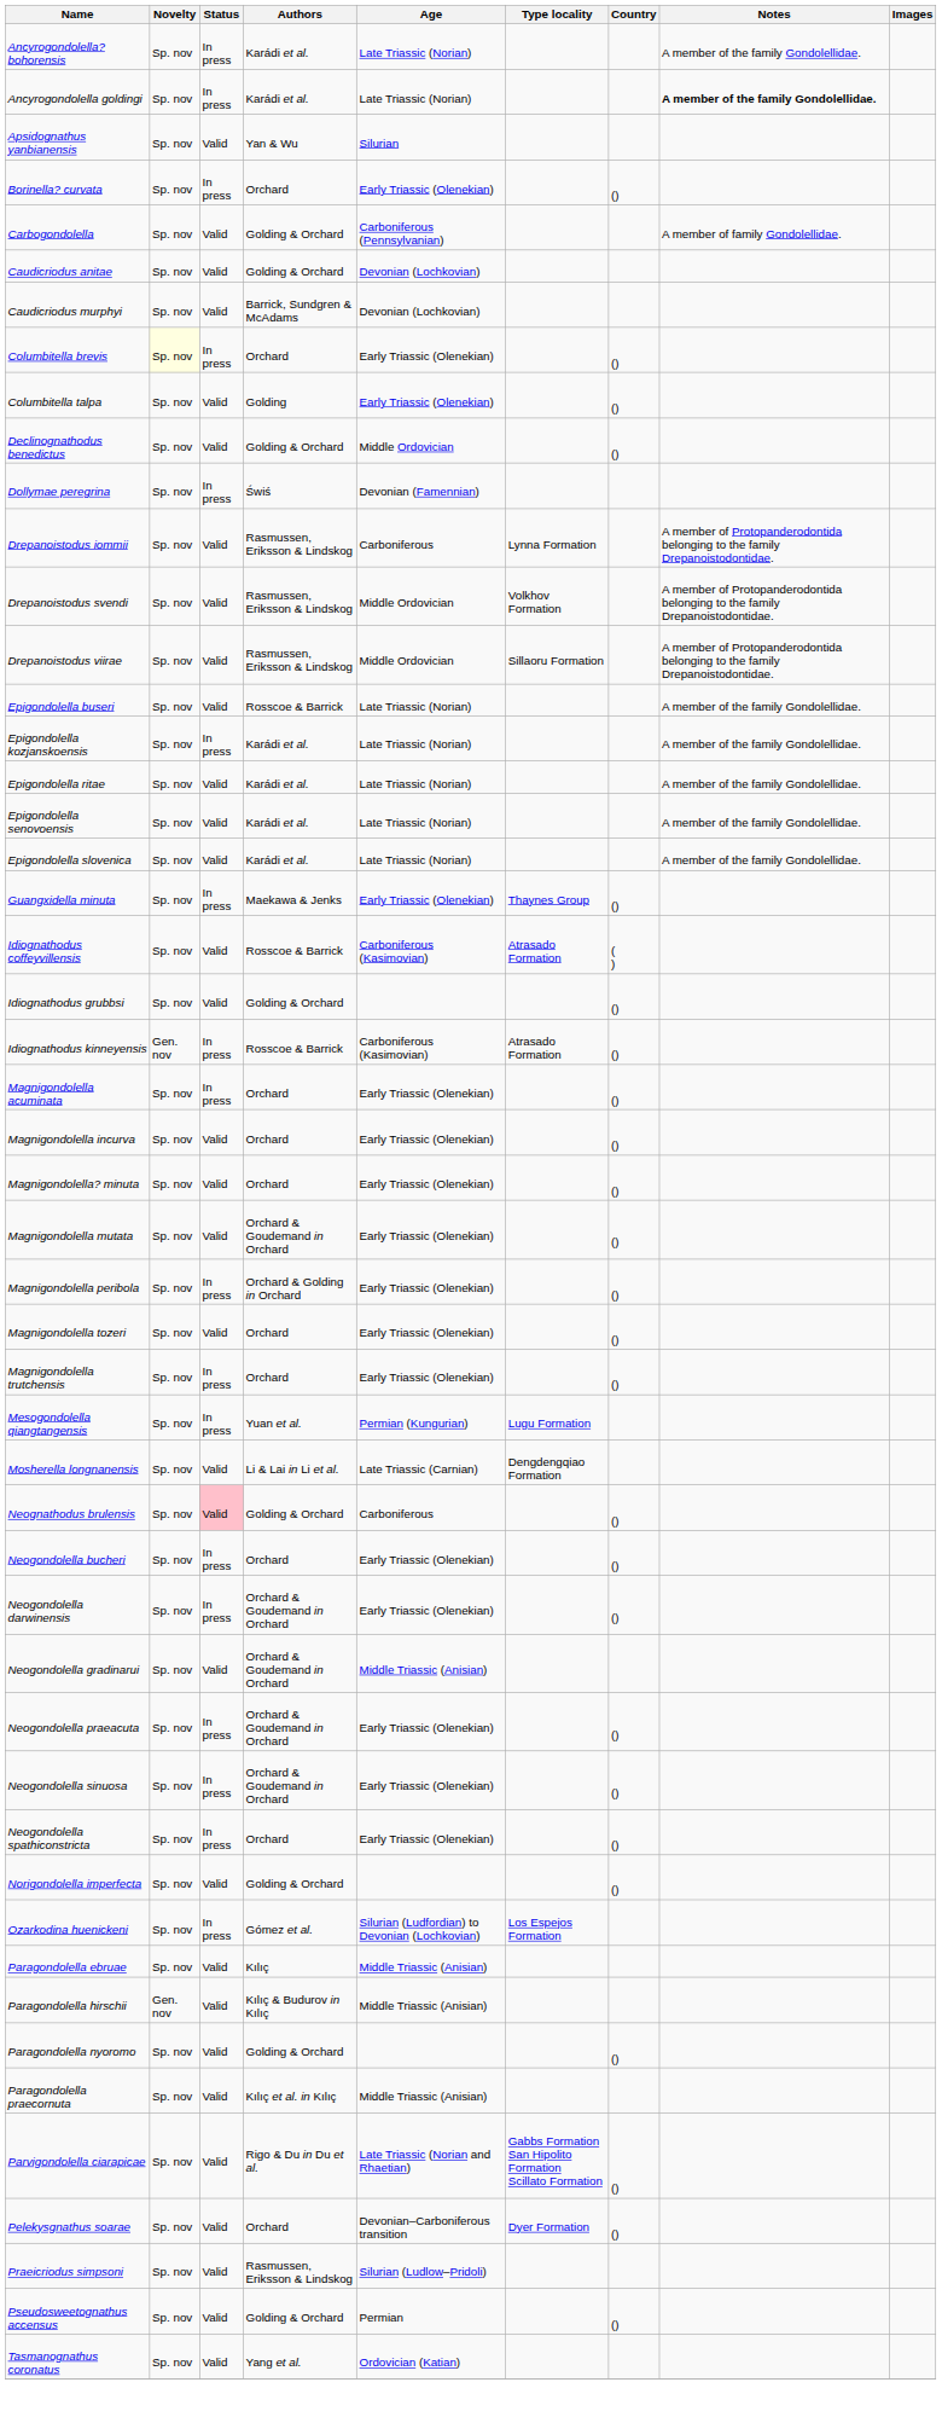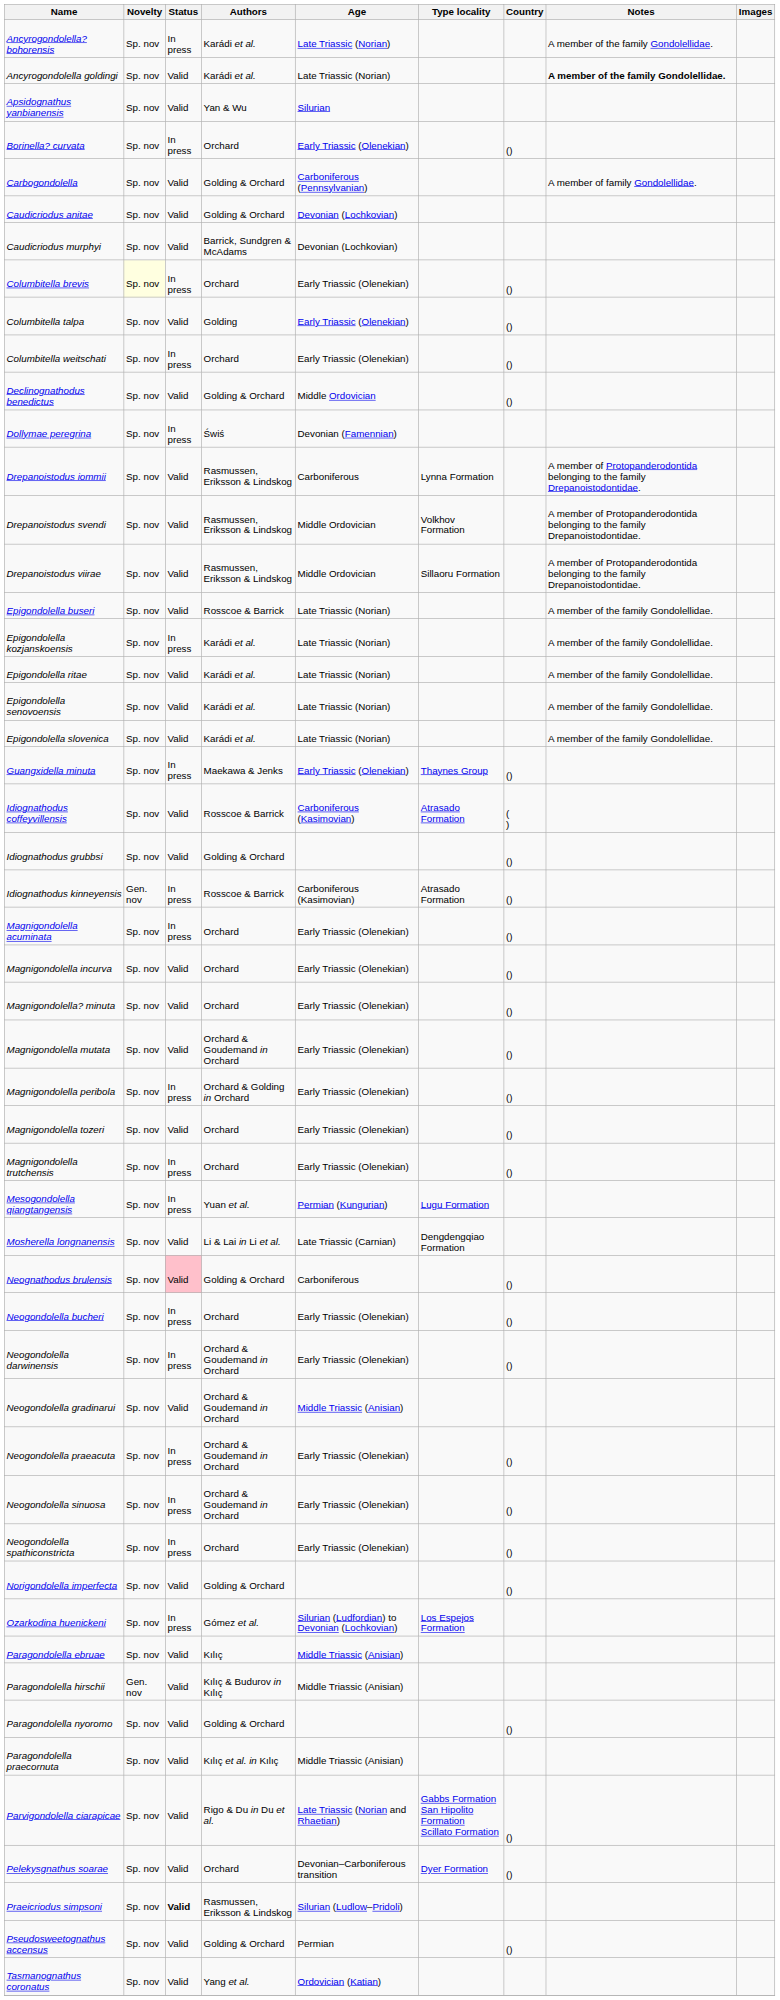 <table class="wikitable sortable" align="center" width="100%">
 <tr>
 <th>Name</th>
 <th>Novelty</th>
 <th>Status</th>
 <th>Authors</th>
 <th>Age</th>
 <th>Type locality</th>
 <th>Country</th>
 <th>Notes</th>
 <th>Images</th>
 </tr>
 <tr>
 <td><br><em><a href='#'>Ancyrogondolella? bohorensis</a></em></td>
 <td><br>Sp. nov</td>
 <td><br>In press</td>
 <td><br>Karádi <em>et al.</em></td>
 <td><br><a href='#'>Late Triassic</a> (<a href='#'>Norian</a>)</td>
 <td></td>
 <td><br></td>
 <td><br>A member of the family <a href='#'>Gondolellidae</a>.</td>
 <td></td>
 </tr>
 <tr>
 <td><br><em>Ancyrogondolella goldingi</em></td>
 <td><br>Sp. nov</td>
-<td><br>In press</td>
+<td><br>Valid</td>
 <td><br>Karádi <em>et al.</em></td>
 <td><br>Late Triassic (Norian)</td>
 <td></td>
 <td><br></td>
 <td><strong><br>A member of the family Gondolellidae.</strong></td>
 <td></td>
 </tr>
 <tr>
 <td><br><em><a href='#'>Apsidognathus yanbianensis</a></em></td>
 <td><br>Sp. nov</td>
 <td><br>Valid</td>
 <td><br>Yan & Wu</td>
 <td><br><a href='#'>Silurian</a></td>
 <td></td>
 <td><br></td>
 <td></td>
 <td></td>
 </tr>
 <tr>
 <td><br><em><a href='#'>Borinella? curvata</a></em></td>
 <td><br>Sp. nov</td>
 <td><br>In press</td>
 <td><br>Orchard</td>
 <td><br><a href='#'>Early Triassic</a> (<a href='#'>Olenekian</a>)</td>
 <td></td>
 <td><br><br>()</td>
 <td></td>
 <td></td>
 </tr>
 <tr>
 <td><br><em><a href='#'>Carbogondolella</a></em></td>
 <td><br>Sp. nov</td>
 <td><br>Valid</td>
 <td><br>Golding & Orchard</td>
 <td><br><a href='#'>Carboniferous</a> (<a href='#'>Pennsylvanian</a>)</td>
 <td></td>
 <td></td>
 <td><br>A member of family <a href='#'>Gondolellidae</a>.</td>
 <td></td>
 </tr>
 <tr>
 <td><br><em><a href='#'>Caudicriodus anitae</a></em></td>
 <td><br>Sp. nov</td>
 <td><br>Valid</td>
 <td><br>Golding & Orchard</td>
 <td><br><a href='#'>Devonian</a> (<a href='#'>Lochkovian</a>)</td>
 <td></td>
 <td><br></td>
 <td></td>
 <td></td>
 </tr>
 <tr>
 <td><br><em>Caudicriodus murphyi</em></td>
 <td><br>Sp. nov</td>
 <td><br>Valid</td>
 <td><br>Barrick, Sundgren & McAdams</td>
 <td><br>Devonian (Lochkovian)</td>
 <td></td>
 <td><br></td>
 <td></td>
 <td></td>
 </tr>
 <tr>
 <td><br><em><a href='#'>Columbitella brevis</a></em></td>
 <td style="background: lightyellow;"><br>Sp. nov</td>
 <td><br>In press</td>
 <td><br>Orchard</td>
 <td><br>Early Triassic (Olenekian)</td>
 <td></td>
 <td><br><br>()</td>
 <td></td>
 <td></td>
 </tr>
 <tr>
 <td><br><em>Columbitella talpa</em></td>
 <td><br>Sp. nov</td>
 <td><br>Valid</td>
 <td><br>Golding</td>
 <td><br><a href='#'>Early Triassic</a> (<a href='#'>Olenekian</a>)</td>
+<td></td>
+<td><br><br>()</td>
+<td></td>
+<td></td>
+</tr>
+<tr>
+<td><br><em>Columbitella weitschati</em></td>
+<td><br>Sp. nov</td>
+<td><br>In press</td>
+<td><br>Orchard</td>
+<td><br>Early Triassic (Olenekian)</td>
 <td></td>
 <td><br><br>()</td>
 <td></td>
 <td></td>
 </tr>
 <tr>
 <td><br><em><a href='#'>Declinognathodus benedictus</a></em></td>
 <td><br>Sp. nov</td>
 <td><br>Valid</td>
 <td><br>Golding & Orchard</td>
 <td><br>Middle <a href='#'>Ordovician</a></td>
 <td></td>
 <td><br><br>()</td>
 <td></td>
 <td></td>
 </tr>
 <tr>
 <td><br><em><a href='#'>Dollymae peregrina</a></em></td>
 <td><br>Sp. nov</td>
 <td><br>In press</td>
 <td><br>Świś</td>
 <td><br>Devonian (<a href='#'>Famennian</a>)</td>
 <td></td>
 <td><br></td>
 <td></td>
 <td></td>
 </tr>
 <tr>
 <td><br><em><a href='#'>Drepanoistodus iommii</a></em></td>
 <td><br>Sp. nov</td>
 <td><br>Valid</td>
 <td><br>Rasmussen, Eriksson & Lindskog</td>
 <td><br>Carboniferous</td>
 <td><br>Lynna Formation</td>
 <td><br><br></td>
 <td><br>A member of <a href='#'>Protopanderodontida</a> belonging to the family <a href='#'>Drepanoistodontidae</a>.</td>
 <td></td>
 </tr>
 <tr>
 <td><br><em>Drepanoistodus svendi</em></td>
 <td><br>Sp. nov</td>
 <td><br>Valid</td>
 <td><br>Rasmussen, Eriksson & Lindskog</td>
 <td><br>Middle Ordovician</td>
 <td><br>Volkhov Formation</td>
 <td><br></td>
 <td><br>A member of Protopanderodontida belonging to the family Drepanoistodontidae.</td>
 <td></td>
 </tr>
 <tr>
 <td><br><em>Drepanoistodus viirae</em></td>
 <td><br>Sp. nov</td>
 <td><br>Valid</td>
 <td><br>Rasmussen, Eriksson & Lindskog</td>
 <td><br>Middle Ordovician</td>
 <td><br>Sillaoru Formation</td>
 <td><br><br></td>
 <td><br>A member of Protopanderodontida belonging to the family Drepanoistodontidae.</td>
 <td></td>
 </tr>
 <tr>
 <td><br><em><a href='#'>Epigondolella buseri</a></em></td>
 <td><br>Sp. nov</td>
 <td><br>Valid</td>
 <td><br>Rosscoe & Barrick</td>
 <td><br>Late Triassic (Norian)</td>
 <td></td>
 <td><br></td>
 <td><br>A member of the family Gondolellidae.</td>
 <td></td>
 </tr>
 <tr>
 <td><br><em>Epigondolella kozjanskoensis</em></td>
 <td><br>Sp. nov</td>
 <td><br>In press</td>
 <td><br>Karádi <em>et al.</em></td>
 <td><br>Late Triassic (Norian)</td>
 <td></td>
 <td><br></td>
 <td><br>A member of the family Gondolellidae.</td>
 <td></td>
 </tr>
 <tr>
 <td><br><em>Epigondolella ritae</em></td>
 <td><br>Sp. nov</td>
 <td><br>Valid</td>
 <td><br>Karádi <em>et al.</em></td>
 <td><br>Late Triassic (Norian)</td>
 <td></td>
 <td><br><br> </td>
 <td><br>A member of the family Gondolellidae.</td>
 <td></td>
 </tr>
 <tr>
 <td><br><em>Epigondolella senovoensis</em></td>
 <td><br>Sp. nov</td>
 <td><br>Valid</td>
 <td><br>Karádi <em>et al.</em></td>
 <td><br>Late Triassic (Norian)</td>
 <td></td>
 <td><br></td>
 <td><br>A member of the family Gondolellidae.</td>
 <td></td>
 </tr>
 <tr>
 <td><br><em>Epigondolella slovenica</em></td>
 <td><br>Sp. nov</td>
 <td><br>Valid</td>
 <td><br>Karádi <em>et al.</em></td>
 <td><br>Late Triassic (Norian)</td>
 <td></td>
 <td><br></td>
 <td><br>A member of the family Gondolellidae.</td>
 <td></td>
 </tr>
 <tr>
 <td><br><em><a href='#'>Guangxidella minuta</a></em></td>
 <td><br>Sp. nov</td>
 <td><br>In press</td>
 <td><br>Maekawa & Jenks</td>
 <td><br><a href='#'>Early Triassic</a> (<a href='#'>Olenekian</a>)</td>
 <td><br><a href='#'>Thaynes Group</a></td>
 <td><br><br>()</td>
 <td></td>
 <td></td>
 </tr>
 <tr>
 <td><br><em><a href='#'>Idiognathodus coffeyvillensis</a></em></td>
 <td><br>Sp. nov</td>
 <td><br>Valid</td>
 <td><br>Rosscoe & Barrick</td>
 <td><br><a href='#'>Carboniferous</a> (<a href='#'>Kasimovian</a>)</td>
 <td><br><a href='#'>Atrasado Formation</a></td>
 <td><br><br>(<br>)</td>
 <td></td>
 <td></td>
 </tr>
 <tr>
 <td><br><em>Idiognathodus grubbsi</em></td>
 <td><br>Sp. nov</td>
 <td><br>Valid</td>
 <td><br>Golding & Orchard</td>
 <td></td>
 <td></td>
 <td><br><br>()</td>
 <td></td>
 <td></td>
 </tr>
 <tr>
 <td><br><em>Idiognathodus kinneyensis</em></td>
 <td><br>Gen. nov</td>
 <td><br>In press</td>
 <td><br>Rosscoe & Barrick</td>
 <td><br>Carboniferous (Kasimovian)</td>
 <td><br>Atrasado Formation</td>
 <td><br><br>()</td>
 <td></td>
 <td></td>
 </tr>
 <tr>
 <td><br><em><a href='#'>Magnigondolella acuminata</a></em></td>
 <td><br>Sp. nov</td>
 <td><br>In press</td>
 <td><br>Orchard</td>
 <td><br>Early Triassic (Olenekian)</td>
 <td></td>
 <td><br><br>()</td>
 <td></td>
 <td></td>
 </tr>
 <tr>
 <td><br><em>Magnigondolella incurva</em></td>
 <td><br>Sp. nov</td>
 <td><br>Valid</td>
 <td><br>Orchard</td>
 <td><br>Early Triassic (Olenekian)</td>
 <td></td>
 <td><br><br>()</td>
 <td></td>
 <td></td>
 </tr>
 <tr>
 <td><br><em>Magnigondolella? minuta</em></td>
 <td><br>Sp. nov</td>
 <td><br>Valid</td>
 <td><br>Orchard</td>
 <td><br>Early Triassic (Olenekian)</td>
 <td></td>
 <td><br><br>()</td>
 <td></td>
 <td></td>
 </tr>
 <tr>
 <td><br><em>Magnigondolella mutata</em></td>
 <td><br>Sp. nov</td>
 <td><br>Valid</td>
 <td><br>Orchard & Goudemand <em>in</em> Orchard</td>
 <td><br>Early Triassic (Olenekian)</td>
 <td></td>
 <td><br><br>()</td>
 <td></td>
 <td></td>
 </tr>
 <tr>
 <td><br><em>Magnigondolella peribola</em></td>
 <td><br>Sp. nov</td>
 <td><br>In press</td>
 <td><br>Orchard & Golding <em>in</em> Orchard</td>
 <td><br>Early Triassic (Olenekian)</td>
 <td></td>
 <td><br><br>()</td>
 <td></td>
 <td></td>
 </tr>
 <tr>
 <td><br><em>Magnigondolella tozeri</em></td>
 <td><br>Sp. nov</td>
 <td><br>Valid</td>
 <td><br>Orchard</td>
 <td><br>Early Triassic (Olenekian)</td>
 <td></td>
 <td><br><br>()</td>
 <td></td>
 <td></td>
 </tr>
 <tr>
 <td><br><em>Magnigondolella trutchensis</em></td>
 <td><br>Sp. nov</td>
 <td><br>In press</td>
 <td><br>Orchard</td>
 <td><br>Early Triassic (Olenekian)</td>
 <td></td>
 <td><br><br>()</td>
 <td></td>
 <td></td>
 </tr>
 <tr>
 <td><br><em><a href='#'>Mesogondolella qiangtangensis</a></em></td>
 <td><br>Sp. nov</td>
 <td><br>In press</td>
 <td><br>Yuan <em>et al.</em></td>
 <td><br><a href='#'>Permian</a> (<a href='#'>Kungurian</a>)</td>
 <td><br><a href='#'>Lugu Formation</a></td>
 <td><br></td>
 <td></td>
 <td></td>
 </tr>
 <tr>
 <td><br><em><a href='#'>Mosherella longnanensis</a></em></td>
 <td><br>Sp. nov</td>
 <td><br>Valid</td>
 <td><br>Li & Lai <em>in</em> Li <em>et al.</em></td>
 <td><br>Late Triassic (Carnian)</td>
 <td><br>Dengdengqiao Formation</td>
 <td><br></td>
 <td></td>
 <td></td>
 </tr>
 <tr>
 <td><br><em><a href='#'>Neognathodus brulensis</a></em></td>
 <td><br>Sp. nov</td>
 <td style="background: pink;"><br>Valid</td>
 <td><br>Golding & Orchard</td>
 <td><br>Carboniferous</td>
 <td></td>
 <td><br><br>()</td>
 <td></td>
 <td></td>
 </tr>
 <tr>
 <td><br><em><a href='#'>Neogondolella bucheri</a></em></td>
 <td><br>Sp. nov</td>
 <td><br>In press</td>
 <td><br>Orchard</td>
 <td><br>Early Triassic (Olenekian)</td>
 <td></td>
 <td><br><br>()</td>
 <td></td>
 <td></td>
 </tr>
 <tr>
 <td><br><em>Neogondolella darwinensis</em></td>
 <td><br>Sp. nov</td>
 <td><br>In press</td>
 <td><br>Orchard & Goudemand <em>in</em> Orchard</td>
 <td><br>Early Triassic (Olenekian)</td>
 <td></td>
 <td><br><br>()</td>
 <td></td>
 <td></td>
 </tr>
 <tr>
 <td><br><em>Neogondolella gradinarui</em></td>
 <td><br>Sp. nov</td>
 <td><br>Valid</td>
 <td><br>Orchard & Goudemand <em>in</em> Orchard</td>
 <td><br><a href='#'>Middle Triassic</a> (<a href='#'>Anisian</a>)</td>
 <td></td>
 <td><br><br> </td>
 <td></td>
 <td></td>
 </tr>
 <tr>
 <td><br><em>Neogondolella praeacuta</em></td>
 <td><br>Sp. nov</td>
 <td><br>In press</td>
 <td><br>Orchard & Goudemand <em>in</em> Orchard</td>
 <td><br>Early Triassic (Olenekian)</td>
 <td></td>
 <td><br><br>()</td>
 <td></td>
 <td></td>
 </tr>
 <tr>
 <td><br><em>Neogondolella sinuosa</em></td>
 <td><br>Sp. nov</td>
 <td><br>In press</td>
 <td><br>Orchard & Goudemand <em>in</em> Orchard</td>
 <td><br>Early Triassic (Olenekian)</td>
 <td></td>
 <td><br><br>()</td>
 <td></td>
 <td></td>
 </tr>
 <tr>
 <td><br><em>Neogondolella spathiconstricta</em></td>
 <td><br>Sp. nov</td>
 <td><br>In press</td>
 <td><br>Orchard</td>
 <td><br>Early Triassic (Olenekian)</td>
 <td></td>
 <td><br><br>()</td>
 <td></td>
 <td></td>
 </tr>
 <tr>
 <td><br><em><a href='#'>Norigondolella imperfecta</a></em></td>
 <td><br>Sp. nov</td>
 <td><br>Valid</td>
 <td><br>Golding & Orchard</td>
 <td></td>
 <td></td>
 <td><br><br>()</td>
 <td></td>
 <td></td>
 </tr>
 <tr>
 <td><br><em><a href='#'>Ozarkodina huenickeni</a></em></td>
 <td><br>Sp. nov</td>
 <td><br>In press</td>
 <td><br>Gómez <em>et al.</em></td>
 <td><br><a href='#'>Silurian</a> (<a href='#'>Ludfordian</a>) to <a href='#'>Devonian</a> (<a href='#'>Lochkovian</a>)</td>
 <td><br><a href='#'>Los Espejos Formation</a></td>
 <td><br></td>
 <td></td>
 <td></td>
 </tr>
 <tr>
 <td><br><em><a href='#'>Paragondolella ebruae</a></em></td>
 <td><br>Sp. nov</td>
 <td><br>Valid</td>
 <td><br>Kılıç</td>
 <td><br><a href='#'>Middle Triassic</a> (<a href='#'>Anisian</a>)</td>
 <td></td>
 <td><br></td>
 <td></td>
 <td></td>
 </tr>
 <tr>
 <td><br><em>Paragondolella hirschii</em></td>
 <td><br>Gen. nov</td>
 <td><br>Valid</td>
 <td><br>Kılıç & Budurov <em>in</em> Kılıç</td>
 <td><br>Middle Triassic (Anisian)</td>
 <td></td>
 <td><br></td>
 <td></td>
 <td></td>
 </tr>
 <tr>
 <td><br><em>Paragondolella nyoromo</em></td>
 <td><br>Sp. nov</td>
 <td><br>Valid</td>
 <td><br>Golding & Orchard</td>
 <td></td>
 <td></td>
 <td><br><br>()</td>
 <td></td>
 <td></td>
 </tr>
 <tr>
 <td><br><em>Paragondolella praecornuta</em></td>
 <td><br>Sp. nov</td>
 <td><br>Valid</td>
 <td><br>Kılıç <em>et al.</em> <em>in</em> Kılıç</td>
 <td><br>Middle Triassic (Anisian)</td>
 <td></td>
 <td><br></td>
 <td></td>
 <td></td>
 </tr>
 <tr>
 <td><br><em><a href='#'>Parvigondolella ciarapicae</a></em></td>
 <td><br>Sp. nov</td>
 <td><br>Valid</td>
 <td><br>Rigo & Du <em>in</em> Du <em>et al.</em></td>
 <td><br><a href='#'>Late Triassic</a> (<a href='#'>Norian</a> and <a href='#'>Rhaetian</a>)</td>
 <td><br><a href='#'>Gabbs Formation</a><br> <a href='#'>San Hipolito Formation</a><br> <a href='#'>Scillato Formation</a></td>
 <td><br><br> <br> <br> <br>()</td>
 <td></td>
 <td></td>
 </tr>
 <tr>
 <td><br><em><a href='#'>Pelekysgnathus soarae</a></em></td>
 <td><br>Sp. nov</td>
 <td><br>Valid</td>
 <td><br>Orchard</td>
 <td><br>Devonian–Carboniferous transition</td>
 <td><br><a href='#'>Dyer Formation</a></td>
 <td><br><br>()</td>
 <td></td>
 <td></td>
 </tr>
 <tr>
 <td><br><em><a href='#'>Praeicriodus simpsoni</a></em></td>
 <td><br>Sp. nov</td>
-<td><br>Valid</td>
+<td><strong><br>Valid</strong></td>
 <td><br>Rasmussen, Eriksson & Lindskog</td>
 <td><br><a href='#'>Silurian</a> (<a href='#'>Ludlow</a>–<a href='#'>Pridoli</a>)</td>
 <td></td>
 <td><br></td>
 <td></td>
 <td></td>
 </tr>
 <tr>
 <td><br><em><a href='#'>Pseudosweetognathus accensus</a></em></td>
 <td><br>Sp. nov</td>
 <td><br>Valid</td>
 <td><br>Golding & Orchard</td>
 <td><br>Permian</td>
 <td></td>
 <td><br><br>()</td>
 <td></td>
 <td></td>
 </tr>
 <tr>
 <td><br><em><a href='#'>Tasmanognathus coronatus</a></em></td>
 <td><br>Sp. nov</td>
 <td><br>Valid</td>
 <td><br>Yang <em>et al.</em></td>
 <td><br><a href='#'>Ordovician</a> (<a href='#'>Katian</a>)</td>
 <td></td>
 <td><br></td>
 <td></td>
 <td></td>
 </tr>
 <tr>
 </tr>
 </table>
